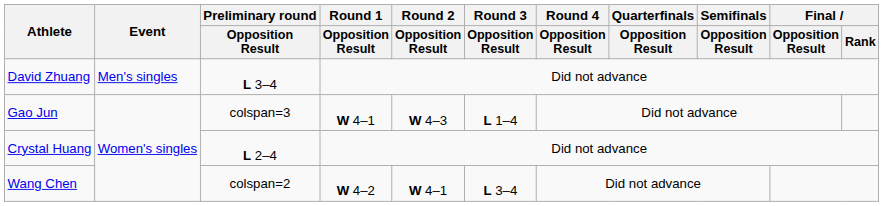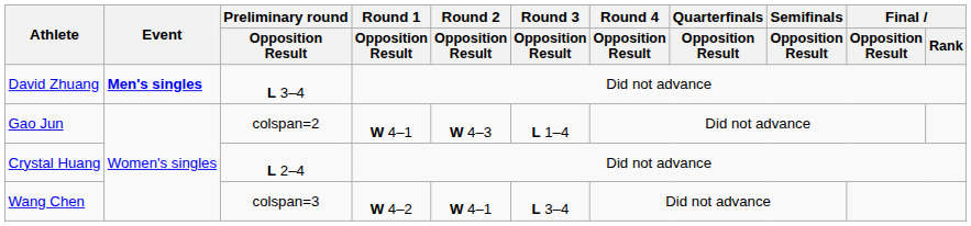 <table class=wikitable style=font-size:90%;text-align:center>
 <tr>
 <th rowspan=2>Athlete</th>
 <th rowspan=2>Event</th>
 <th>Preliminary round</th>
 <th>Round 1</th>
 <th>Round 2</th>
 <th>Round 3</th>
 <th>Round 4</th>
 <th>Quarterfinals</th>
 <th>Semifinals</th>
 <th colspan=2>Final / </th>
 </tr>
 <tr style=font-size:95%>
 <th>Opposition<br>Result</th>
 <th>Opposition<br>Result</th>
 <th>Opposition<br>Result</th>
 <th>Opposition<br>Result</th>
 <th>Opposition<br>Result</th>
 <th>Opposition<br>Result</th>
 <th>Opposition<br>Result</th>
 <th>Opposition<br>Result</th>
 <th>Rank</th>
 </tr>
 <tr>
 <td align=left><a href='#'>David Zhuang</a></td>
-<td align=left><a href='#'>Men's singles</a></td>
+<td align=left><strong><a href='#'>Men's singles</a></strong></td>
 <td><br><strong>L</strong> 3–4</td>
 <td colspan=8>Did not advance</td>
 </tr>
 <tr>
 <td align=left><a href='#'>Gao Jun</a></td>
 <td align=left rowspan=3><a href='#'>Women's singles</a></td>
-<td>colspan=3 </td>
+<td>colspan=2 </td>
 <td><br><strong>W</strong> 4–1</td>
 <td><br><strong>W</strong> 4–3</td>
 <td><br><strong>L</strong> 1–4</td>
 <td colspan=4>Did not advance</td>
 </tr>
 <tr>
 <td align=left><a href='#'>Crystal Huang</a></td>
 <td><br><strong>L</strong> 2–4</td>
 <td colspan=8>Did not advance</td>
 </tr>
 <tr>
 <td align=left><a href='#'>Wang Chen</a></td>
-<td>colspan=2 </td>
+<td>colspan=3 </td>
 <td><br><strong>W</strong> 4–2</td>
 <td><br><strong>W</strong> 4–1</td>
 <td><br><strong>L</strong> 3–4</td>
 <td colspan=3>Did not advance</td>
 </tr>
 </table>
